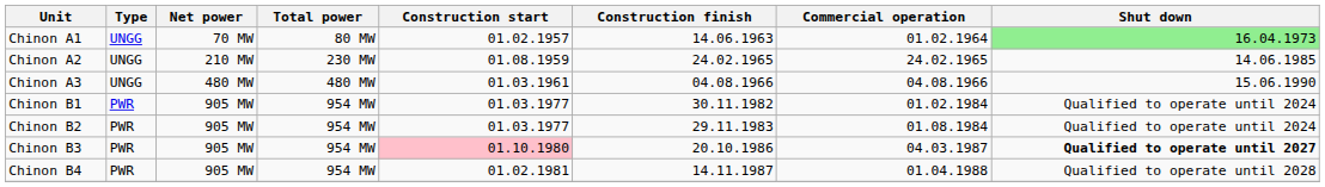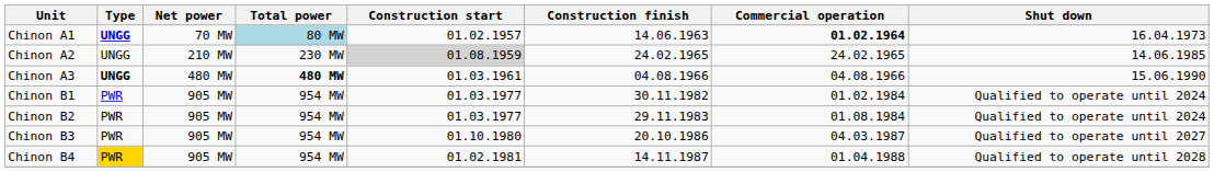 <table class="wikitable" style="width:100%;">
 <tr>
 <th>Unit</th>
 <th>Type</th>
 <th>Net power</th>
 <th>Total power</th>
 <th>Construction start</th>
 <th>Construction finish</th>
 <th>Commercial operation</th>
 <th>Shut down</th>
 </tr>
 <tr>
 <td>Chinon A1</td>
-<td><a href='#'>UNGG</a></td>
+<td><strong><a href='#'>UNGG</a></strong></td>
 <td align="right">70 MW</td>
-<td align="right">80 MW</td>
+<td align="right" style="background: lightblue;">80 MW</td>
 <td align="right">01.02.1957</td>
 <td align="right">14.06.1963</td>
-<td align="right">01.02.1964</td>
-<td align="right" style="background: lightgreen;">16.04.1973</td>
+<td align="right"><strong>01.02.1964</strong></td>
+<td align="right">16.04.1973</td>
 </tr>
 <tr>
 <td>Chinon A2</td>
 <td>UNGG</td>
 <td align="right">210 MW</td>
 <td align="right">230 MW</td>
-<td align="right">01.08.1959</td>
+<td align="right" style="background: lightgrey;">01.08.1959</td>
 <td align="right">24.02.1965</td>
 <td align="right">24.02.1965</td>
 <td align="right">14.06.1985</td>
 </tr>
 <tr>
 <td>Chinon A3</td>
-<td>UNGG</td>
+<td><strong>UNGG</strong></td>
 <td align="right">480 MW</td>
-<td align="right">480 MW</td>
+<td align="right"><strong>480 MW</strong></td>
 <td align="right">01.03.1961</td>
 <td align="right">04.08.1966</td>
 <td align="right">04.08.1966</td>
 <td align="right">15.06.1990</td>
 </tr>
 <tr>
 <td>Chinon B1</td>
 <td><a href='#'>PWR</a></td>
 <td align="right">905 MW</td>
 <td align="right">954 MW</td>
 <td align="right">01.03.1977</td>
 <td align="right">30.11.1982</td>
 <td align="right">01.02.1984</td>
 <td align="right">Qualified to operate until 2024</td>
 </tr>
 <tr>
 <td>Chinon B2</td>
 <td>PWR</td>
 <td align="right">905 MW</td>
 <td align="right">954 MW</td>
 <td align="right">01.03.1977</td>
 <td align="right">29.11.1983</td>
 <td align="right">01.08.1984</td>
 <td align="right">Qualified to operate until 2024</td>
 </tr>
 <tr>
 <td>Chinon B3</td>
 <td>PWR</td>
 <td align="right">905 MW</td>
 <td align="right">954 MW</td>
-<td align="right" style="background: pink;">01.10.1980</td>
+<td align="right">01.10.1980</td>
 <td align="right">20.10.1986</td>
 <td align="right">04.03.1987</td>
-<td align="right"><strong>Qualified to operate until 2027</strong></td>
+<td align="right">Qualified to operate until 2027</td>
 </tr>
 <tr>
 <td>Chinon B4</td>
-<td>PWR</td>
+<td style="background: gold;">PWR</td>
 <td align="right">905 MW</td>
 <td align="right">954 MW</td>
 <td align="right">01.02.1981</td>
 <td align="right">14.11.1987</td>
 <td align="right">01.04.1988</td>
 <td align="right">Qualified to operate until 2028</td>
 </tr>
 <tr>
 </tr>
 </table>
